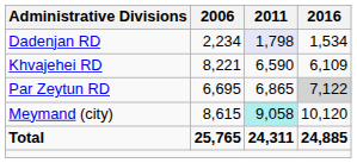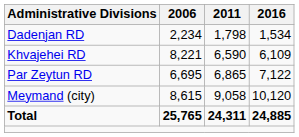 <table class="wikitable">
 <tr>
 <th>Administrative Divisions</th>
 <th>2006</th>
 <th>2011</th>
 <th>2016</th>
 </tr>
 <tr>
 <td><a href='#'>Dadenjan RD</a></td>
 <td style="text-align: right;">2,234</td>
-<td style="background: lavender; text-align: right;">1,798</td>
+<td style="text-align: right;">1,798</td>
 <td style="text-align: right;">1,534</td>
 </tr>
 <tr>
 <td><a href='#'>Khvajehei RD</a></td>
 <td style="text-align: right;">8,221</td>
 <td style="text-align: right;">6,590</td>
 <td style="text-align: right;">6,109</td>
 </tr>
 <tr>
 <td><a href='#'>Par Zeytun RD</a></td>
 <td style="text-align: right;">6,695</td>
 <td style="text-align: right;">6,865</td>
-<td style="background: lightgrey; text-align: right;">7,122</td>
+<td style="text-align: right;">7,122</td>
 </tr>
 <tr>
 <td><a href='#'>Meymand</a> (city)</td>
 <td style="text-align: right;">8,615</td>
-<td style="background: paleturquoise; text-align: right;">9,058</td>
+<td style="text-align: right;">9,058</td>
 <td style="text-align: right;">10,120</td>
 </tr>
 <tr>
 <td><strong>Total</strong></td>
 <td style="text-align: right;"><strong>25,765</strong></td>
 <td style="text-align: right;"><strong>24,311</strong></td>
 <td style="text-align: right;"><strong>24,885</strong></td>
 </tr>
 <tr>
 <td colspan=4></td>
 </tr>
 </table>
